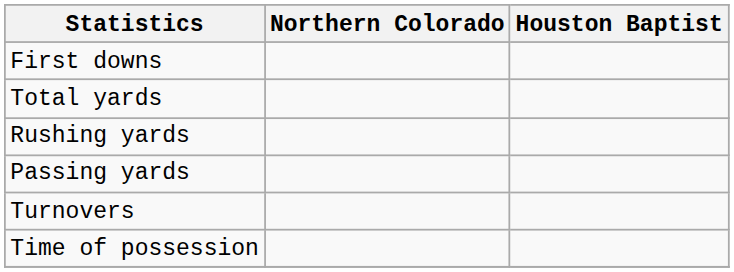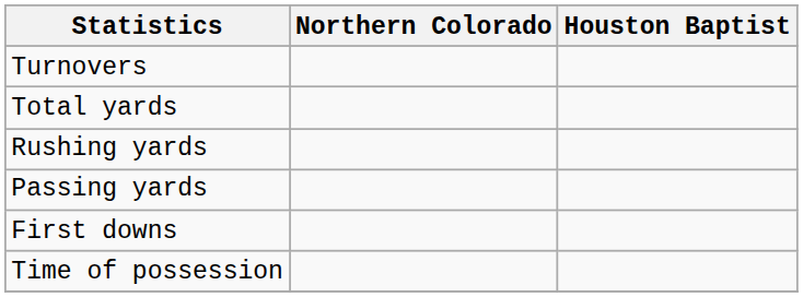 <table class="wikitable">
 <tr>
 <th>Statistics</th>
 <th>Northern Colorado</th>
 <th>Houston Baptist</th>
 </tr>
 <tr>
-<td>First downs</td>
+<td>Turnovers</td>
 <td> </td>
 <td> </td>
 </tr>
 <tr>
 <td>Total yards</td>
 <td> </td>
 <td> </td>
 </tr>
 <tr>
 <td>Rushing yards</td>
 <td> </td>
 <td> </td>
 </tr>
 <tr>
 <td>Passing yards</td>
 <td> </td>
 <td> </td>
 </tr>
 <tr>
-<td>Turnovers</td>
+<td>First downs</td>
 <td> </td>
 <td> </td>
 </tr>
 <tr>
 <td>Time of possession</td>
 <td> </td>
 <td> </td>
 </tr>
 <tr>
 </tr>
 </table>
